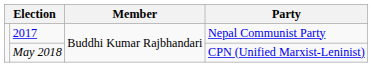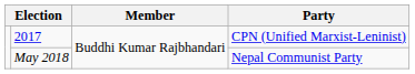 <table class="wikitable">
 <tr>
 <th colspan="2">Election</th>
 <th>Member</th>
 <th>Party</th>
 </tr>
 <tr>
 <td rowspan="2" style="background-color:"></td>
 <td><a href='#'>2017</a></td>
 <td rowspan="2">Buddhi Kumar Rajbhandari</td>
-<td><a href='#'>Nepal Communist Party</a></td>
+<td><a href='#'>CPN (Unified Marxist-Leninist)</a></td>
 </tr>
 <tr>
 <td><em>May 2018</em></td>
-<td><a href='#'>CPN (Unified Marxist-Leninist)</a></td>
+<td><a href='#'>Nepal Communist Party</a></td>
 </tr>
 </table>
